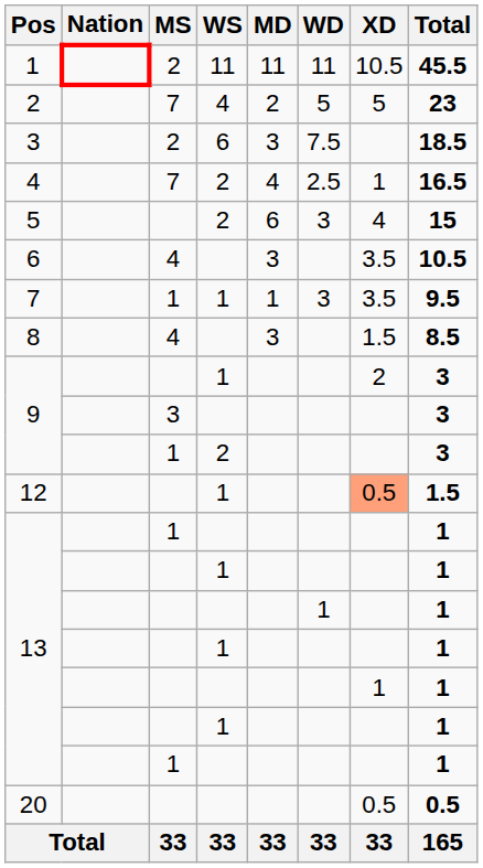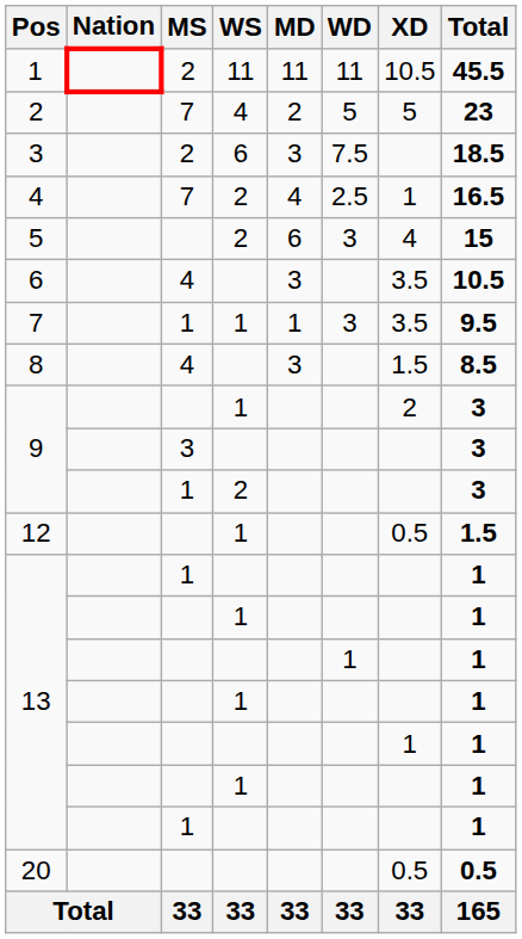 <table class="wikitable" style="text-align:center">
 <tr>
 <th>Pos</th>
 <th>Nation</th>
 <th>MS</th>
 <th>WS</th>
 <th>MD</th>
 <th>WD</th>
 <th>XD</th>
 <th>Total</th>
 </tr>
 <tr>
 <td>1</td>
 <td align="left" style="border: 3px solid red"><strong></strong></td>
 <td>2</td>
 <td>11</td>
 <td>11</td>
 <td>11</td>
 <td>10.5</td>
 <td><strong>45.5</strong></td>
 </tr>
 <tr>
 <td>2</td>
 <td align="left"></td>
 <td>7</td>
 <td>4</td>
 <td>2</td>
 <td>5</td>
 <td>5</td>
 <td><strong>23</strong></td>
 </tr>
 <tr>
 <td>3</td>
 <td align="left"></td>
 <td>2</td>
 <td>6</td>
 <td>3</td>
 <td>7.5</td>
 <td></td>
 <td><strong>18.5</strong></td>
 </tr>
 <tr>
 <td>4</td>
 <td align="left"></td>
 <td>7</td>
 <td>2</td>
 <td>4</td>
 <td>2.5</td>
 <td>1</td>
 <td><strong>16.5</strong></td>
 </tr>
 <tr>
 <td>5</td>
 <td align="left"></td>
 <td></td>
 <td>2</td>
 <td>6</td>
 <td>3</td>
 <td>4</td>
 <td><strong>15</strong></td>
 </tr>
 <tr>
 <td>6</td>
 <td align="left"></td>
 <td>4</td>
 <td></td>
 <td>3</td>
 <td></td>
 <td>3.5</td>
 <td><strong>10.5</strong></td>
 </tr>
 <tr>
 <td>7</td>
 <td align="left"></td>
 <td>1</td>
 <td>1</td>
 <td>1</td>
 <td>3</td>
 <td>3.5</td>
 <td><strong>9.5</strong></td>
 </tr>
 <tr>
 <td>8</td>
 <td align="left"></td>
 <td>4</td>
 <td></td>
 <td>3</td>
 <td></td>
 <td>1.5</td>
 <td><strong>8.5</strong></td>
 </tr>
 <tr>
 <td rowspan="3">9</td>
 <td align="left"></td>
 <td></td>
 <td>1</td>
 <td></td>
 <td></td>
 <td>2</td>
 <td><strong>3</strong></td>
 </tr>
 <tr>
 <td align="left"></td>
 <td>3</td>
 <td></td>
 <td></td>
 <td></td>
 <td></td>
 <td><strong>3</strong></td>
 </tr>
 <tr>
 <td align="left"></td>
 <td>1</td>
 <td>2</td>
 <td></td>
 <td></td>
 <td></td>
 <td><strong>3</strong></td>
 </tr>
 <tr>
 <td>12</td>
 <td align="left"></td>
 <td></td>
 <td>1</td>
 <td></td>
 <td></td>
-<td style="background: lightsalmon;">0.5</td>
+<td>0.5</td>
 <td><strong>1.5</strong></td>
 </tr>
 <tr>
 <td rowspan="7">13</td>
 <td align="left"></td>
 <td>1</td>
 <td></td>
 <td></td>
 <td></td>
 <td></td>
 <td><strong>1</strong></td>
 </tr>
 <tr>
 <td align="left"></td>
 <td></td>
 <td>1</td>
 <td></td>
 <td></td>
 <td></td>
 <td><strong>1</strong></td>
 </tr>
 <tr>
 <td align="left"></td>
 <td></td>
 <td></td>
 <td></td>
 <td>1</td>
 <td></td>
 <td><strong>1</strong></td>
 </tr>
 <tr>
 <td align="left"></td>
 <td></td>
 <td>1</td>
 <td></td>
 <td></td>
 <td></td>
 <td><strong>1</strong></td>
 </tr>
 <tr>
 <td align="left"></td>
 <td></td>
 <td></td>
 <td></td>
 <td></td>
 <td>1</td>
 <td><strong>1</strong></td>
 </tr>
 <tr>
 <td align="left"></td>
 <td></td>
 <td>1</td>
 <td></td>
 <td></td>
 <td></td>
 <td><strong>1</strong></td>
 </tr>
 <tr>
 <td align="left"></td>
 <td>1</td>
 <td></td>
 <td></td>
 <td></td>
 <td></td>
 <td><strong>1</strong></td>
 </tr>
 <tr>
 <td>20</td>
 <td align="left"></td>
 <td></td>
 <td></td>
 <td></td>
 <td></td>
 <td>0.5</td>
 <td><strong>0.5</strong></td>
 </tr>
 <tr>
 <th colspan="2">Total</th>
 <th>33</th>
 <th>33</th>
 <th>33</th>
 <th>33</th>
 <th>33</th>
 <th>165</th>
 </tr>
 </table>
